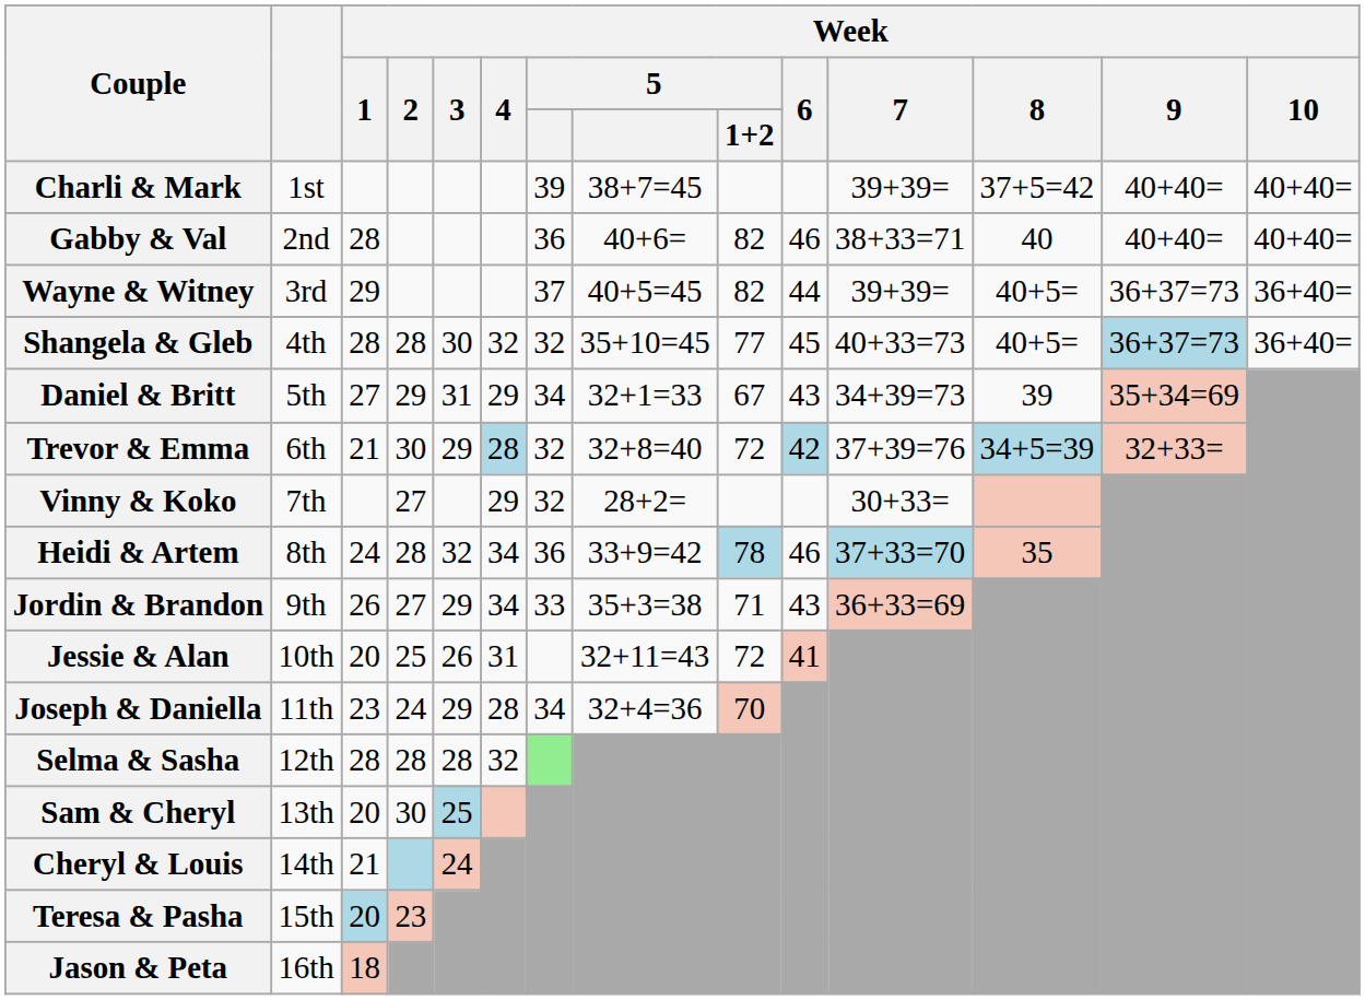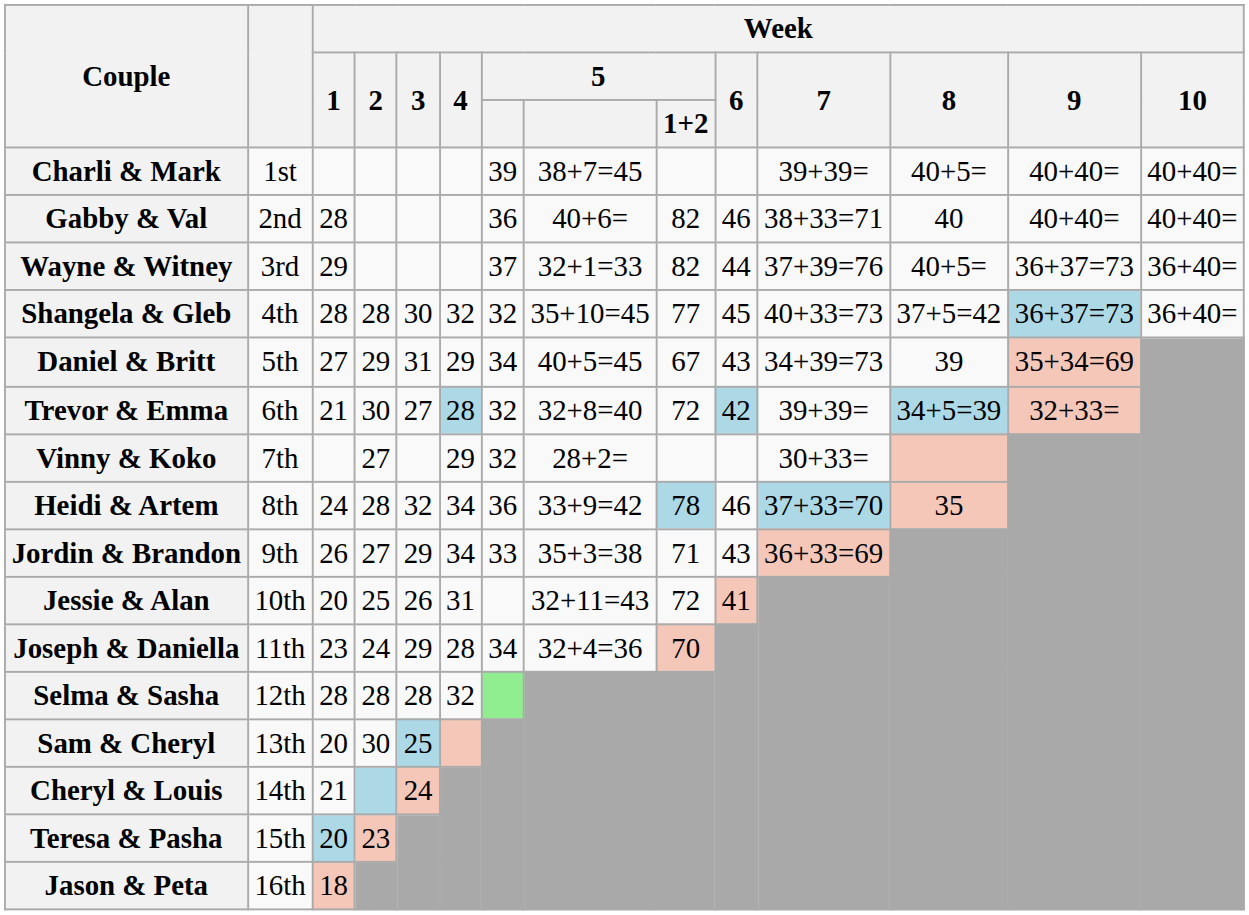 <table class="wikitable sortable" style="text-align:center; font-size:95%">
 <tr>
 <th scope="col" rowspan="3" style="text-align:center;">Couple</th>
 <th scope="col" rowspan="3" style="text-align:center;"></th>
 <th colspan="12" style="text-align:center;">Week</th>
 </tr>
 <tr>
 <th rowspan="2" scope="col">1</th>
 <th rowspan="2" scope="col">2</th>
 <th rowspan="2" scope="col">3</th>
 <th rowspan="2" scope="col">4</th>
 <th colspan="3" scope="col">5</th>
 <th rowspan="2" scope="col" style="font-weight:normal"><strong>6</strong></th>
 <th rowspan="2" scope="col">7</th>
 <th rowspan="2" scope="col">8</th>
 <th rowspan="2" scope="col">9</th>
 <th rowspan="2" scope="col">10</th>
 </tr>
 <tr>
 <th></th>
 <th></th>
 <th>1+2</th>
 </tr>
 <tr>
 <th scope="row">Charli & Mark</th>
 <td>1st</td>
 <td></td>
 <td></td>
 <td></td>
 <td></td>
 <td>39</td>
 <td>38+7=45</td>
 <td></td>
 <td></td>
 <td>39+39=</td>
-<td>37+5=42</td>
+<td>40+5=</td>
 <td>40+40=</td>
 <td>40+40=</td>
 </tr>
 <tr>
 <th scope="row">Gabby & Val</th>
 <td>2nd</td>
 <td>28</td>
 <td></td>
 <td></td>
 <td></td>
 <td>36</td>
 <td>40+6=</td>
 <td>82</td>
 <td>46</td>
 <td>38+33=71</td>
 <td>40</td>
 <td>40+40=</td>
 <td>40+40=</td>
 </tr>
 <tr>
 <th scope="row">Wayne & Witney</th>
 <td>3rd</td>
 <td>29</td>
 <td></td>
 <td></td>
 <td></td>
 <td>37</td>
-<td>40+5=45</td>
+<td>32+1=33</td>
 <td>82</td>
 <td>44</td>
-<td>39+39=</td>
+<td>37+39=76</td>
 <td>40+5=</td>
 <td>36+37=73</td>
 <td>36+40=</td>
 </tr>
 <tr>
 <th scope="row">Shangela & Gleb</th>
 <td>4th</td>
 <td>28</td>
 <td>28</td>
 <td>30</td>
 <td>32</td>
 <td>32</td>
 <td>35+10=45</td>
 <td>77</td>
 <td>45</td>
 <td>40+33=73</td>
-<td>40+5=</td>
+<td>37+5=42</td>
 <td bgcolor=lightblue >36+37=73</td>
 <td>36+40=</td>
 </tr>
 <tr>
 <th scope="row">Daniel & Britt</th>
 <td>5th</td>
 <td>27</td>
 <td>29</td>
 <td>31</td>
 <td>29</td>
 <td>34</td>
-<td>32+1=33</td>
+<td>40+5=45</td>
 <td>67</td>
 <td>43</td>
 <td>34+39=73</td>
 <td>39</td>
 <td bgcolor= f4c7b8 >35+34=69</td>
 <td rowspan="12" bgcolor=darkgray></td>
 </tr>
 <tr>
 <th scope="row">Trevor & Emma</th>
 <td>6th</td>
 <td>21</td>
 <td>30</td>
-<td>29</td>
+<td>27</td>
 <td bgcolor="lightblue">28</td>
 <td>32</td>
 <td>32+8=40</td>
 <td>72</td>
 <td bgcolor="lightblue">42</td>
-<td>37+39=76</td>
+<td>39+39=</td>
 <td bgcolor="lightblue" >34+5=39</td>
 <td bgcolor= f4c7b8 >32+33=</td>
 </tr>
 <tr>
 <th scope="row">Vinny & Koko</th>
 <td>7th</td>
 <td></td>
 <td>27</td>
 <td></td>
 <td>29</td>
 <td>32</td>
 <td>28+2=</td>
 <td></td>
 <td></td>
 <td>30+33=</td>
 <td bgcolor= f4c7b8></td>
 <td rowspan="10" bgcolor=darkgray></td>
 </tr>
 <tr>
 <th scope="row">Heidi & Artem</th>
 <td>8th</td>
 <td>24</td>
 <td>28</td>
 <td>32</td>
 <td>34</td>
 <td>36</td>
 <td>33+9=42</td>
 <td bgcolor="lightblue">78</td>
 <td>46</td>
 <td bgcolor="lightblue" >37+33=70</td>
 <td bgcolor= f4c7b8>35</td>
 </tr>
 <tr>
 <th scope="row">Jordin & Brandon</th>
 <td>9th</td>
 <td>26</td>
 <td>27</td>
 <td>29</td>
 <td>34</td>
 <td>33</td>
 <td>35+3=38</td>
 <td>71</td>
 <td>43</td>
 <td bgcolor= f4c7b8 >36+33=69</td>
 <td rowspan="8" bgcolor="darkgray"></td>
 </tr>
 <tr>
 <th scope="row">Jessie & Alan</th>
 <td>10th</td>
 <td>20</td>
 <td>25</td>
 <td>26</td>
 <td>31</td>
 <td></td>
 <td>32+11=43</td>
 <td>72</td>
 <td bgcolor= f4c7b8>41</td>
 <td rowspan="7" bgcolor="darkgray"></td>
 </tr>
 <tr>
 <th scope="row">Joseph & Daniella</th>
 <td>11th</td>
 <td>23</td>
 <td>24</td>
 <td>29</td>
 <td>28</td>
 <td>34</td>
 <td>32+4=36</td>
 <td bgcolor= f4c7b8>70</td>
 <td rowspan="6" bgcolor="darkgray"></td>
 </tr>
 <tr>
 <th scope="row">Selma & Sasha</th>
 <td>12th</td>
 <td>28</td>
 <td>28</td>
 <td>28</td>
 <td>32</td>
 <td bgcolor=lightgreen></td>
 <td colspan="2" rowspan="5" bgcolor="darkgray"></td>
 </tr>
 <tr>
 <th scope="row">Sam & Cheryl</th>
 <td>13th</td>
 <td>20</td>
 <td>30</td>
 <td bgcolor=lightblue>25</td>
 <td bgcolor= f4c7b8></td>
 <td rowspan="4" bgcolor="darkgray"></td>
 </tr>
 <tr>
 <th scope="row">Cheryl & Louis</th>
 <td>14th</td>
 <td>21</td>
 <td bgcolor=lightblue></td>
 <td bgcolor= f4c7b8>24</td>
 <td rowspan="3" bgcolor=darkgray></td>
 </tr>
 <tr>
 <th scope="row">Teresa & Pasha</th>
 <td>15th</td>
 <td bgcolor=lightblue>20</td>
 <td bgcolor= f4c7b8>23</td>
 <td rowspan="2" bgcolor=darkgray></td>
 </tr>
 <tr>
 <th scope="row">Jason & Peta</th>
 <td>16th</td>
 <td bgcolor= f4c7b8>18</td>
 <td rowspan="3" bgcolor=darkgray></td>
 </tr>
 </table>
